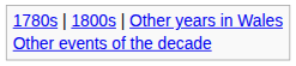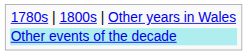 <table class="infobox" id="toc">
 <tr>
 <td align="left"><a href='#'>1780s</a> | <a href='#'>1800s</a> | <a href='#'>Other years in Wales</a></td>
 </tr>
 <tr>
-<td><a href='#'>Other events of the decade</a></td>
+<td style="background: paleturquoise;"><a href='#'>Other events of the decade</a></td>
 </tr>
 </table>
